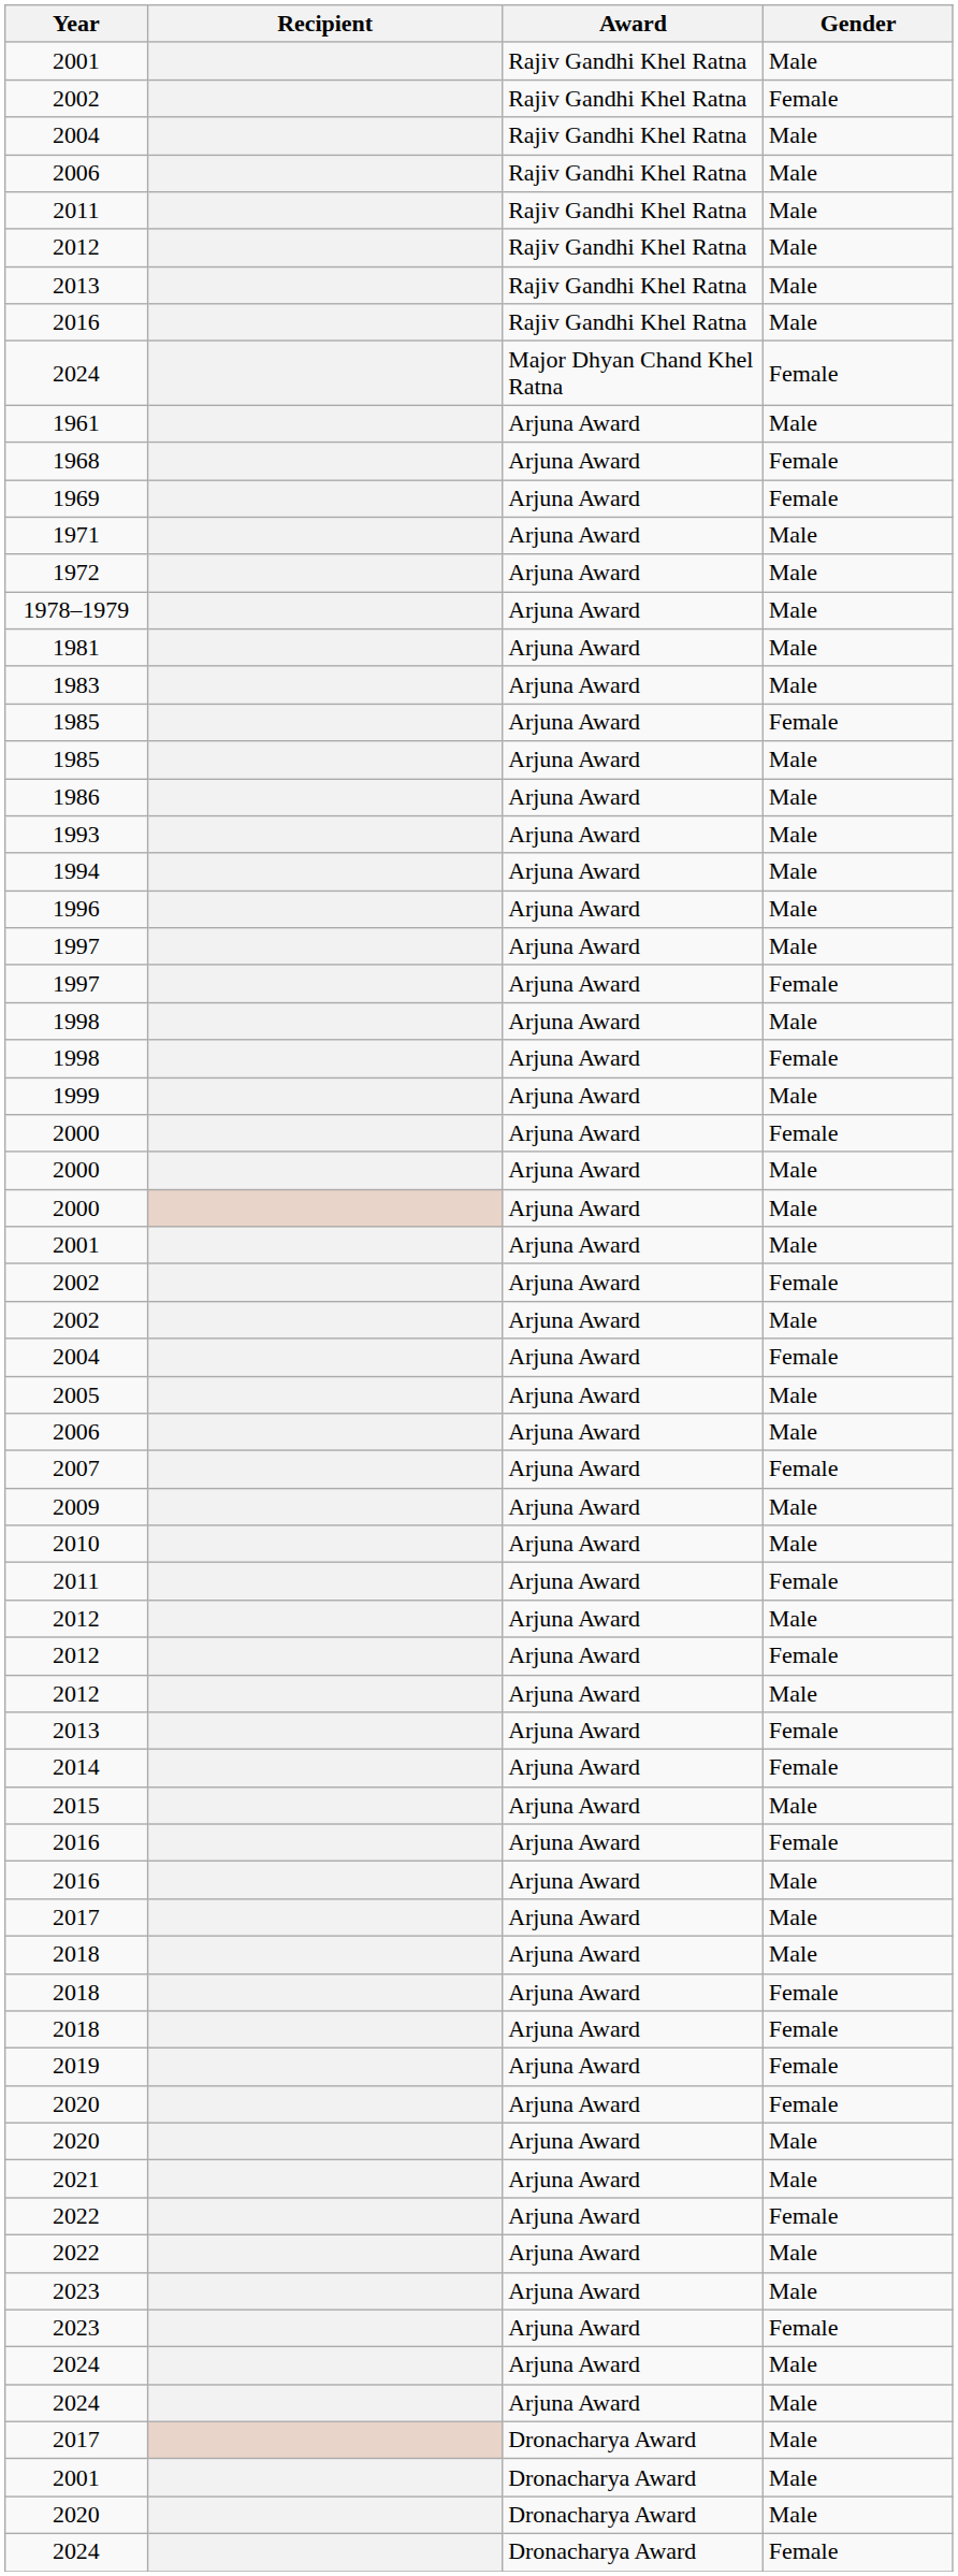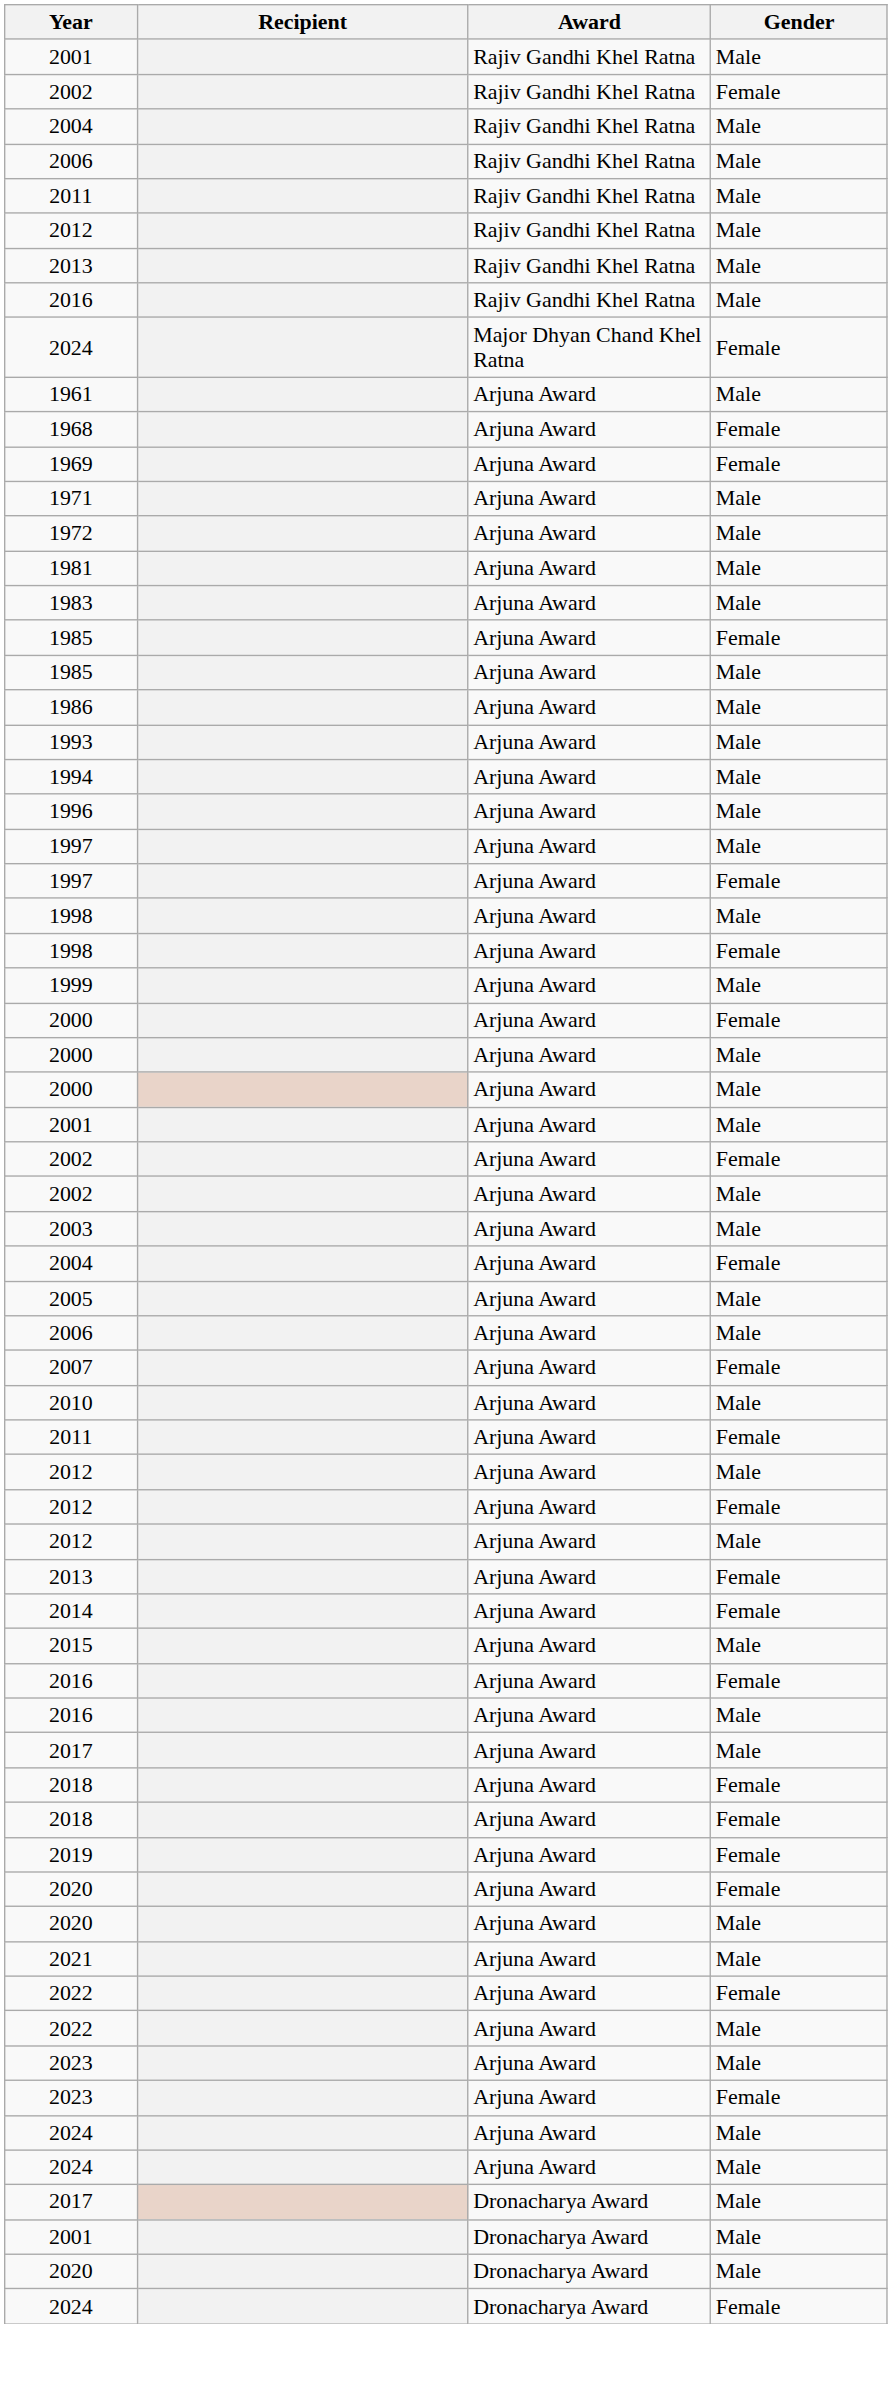 <table class="wikitable plainrowheaders sortable" style="width:73%">
 <tr>
 <th scope="col" style="width:12%">Year</th>
 <th scope="col" style="width:30%">Recipient</th>
 <th scope="col" style="width:22%">Award</th>
 <th scope="col" style="width:16%">Gender</th>
 </tr>
 <tr>
 <td style="text-align:center;">2001</td>
 <th scope="row"></th>
 <td>Rajiv Gandhi Khel Ratna</td>
 <td>Male</td>
 </tr>
 <tr>
 <td style="text-align:center;">2002</td>
 <th scope="row"></th>
 <td>Rajiv Gandhi Khel Ratna</td>
 <td>Female</td>
 </tr>
 <tr>
 <td style="text-align:center;">2004</td>
 <th scope="row"></th>
 <td>Rajiv Gandhi Khel Ratna</td>
 <td>Male</td>
 </tr>
 <tr>
 <td style="text-align:center;">2006</td>
 <th scope="row"></th>
 <td>Rajiv Gandhi Khel Ratna</td>
 <td>Male</td>
 </tr>
 <tr>
 <td style="text-align:center;">2011</td>
 <th scope="row"></th>
 <td>Rajiv Gandhi Khel Ratna</td>
 <td>Male</td>
 </tr>
 <tr>
 <td style="text-align:center;">2012</td>
 <th scope="row"></th>
 <td>Rajiv Gandhi Khel Ratna</td>
 <td>Male</td>
 </tr>
 <tr>
 <td style="text-align:center;">2013</td>
 <th scope="row"></th>
 <td>Rajiv Gandhi Khel Ratna</td>
 <td>Male</td>
 </tr>
 <tr>
 <td style="text-align:center;">2016</td>
 <th scope="row"></th>
 <td>Rajiv Gandhi Khel Ratna</td>
 <td>Male</td>
 </tr>
 <tr>
 <td style="text-align:center;">2024</td>
 <th scope="row"></th>
 <td>Major Dhyan Chand Khel Ratna</td>
 <td>Female</td>
 </tr>
 <tr>
 <td style="text-align:center;">1961</td>
 <th scope="row"></th>
 <td>Arjuna Award</td>
 <td>Male</td>
 </tr>
 <tr>
 <td style="text-align:center;">1968</td>
 <th scope="row"></th>
 <td>Arjuna Award</td>
 <td>Female</td>
 </tr>
 <tr>
 <td style="text-align:center;">1969</td>
 <th scope="row"></th>
 <td>Arjuna Award</td>
 <td>Female</td>
 </tr>
 <tr>
 <td style="text-align:center;">1971</td>
 <th scope="row"></th>
 <td>Arjuna Award</td>
 <td>Male</td>
 </tr>
 <tr>
 <td style="text-align:center;">1972</td>
-<th scope="row"></th>
-<td>Arjuna Award</td>
-<td>Male</td>
-</tr>
-<tr>
-<td style="text-align:center;">1978–1979</td>
 <th scope="row"></th>
 <td>Arjuna Award</td>
 <td>Male</td>
 </tr>
 <tr>
 <td style="text-align:center;">1981</td>
 <th scope="row"></th>
 <td>Arjuna Award</td>
 <td>Male</td>
 </tr>
 <tr>
 <td style="text-align:center;">1983</td>
 <th scope="row"></th>
 <td>Arjuna Award</td>
 <td>Male</td>
 </tr>
 <tr>
 <td style="text-align:center;">1985</td>
 <th scope="row"></th>
 <td>Arjuna Award</td>
 <td>Female</td>
 </tr>
 <tr>
 <td style="text-align:center;">1985</td>
 <th scope="row"></th>
 <td>Arjuna Award</td>
 <td>Male</td>
 </tr>
 <tr>
 <td style="text-align:center;">1986</td>
 <th scope="row"></th>
 <td>Arjuna Award</td>
 <td>Male</td>
 </tr>
 <tr>
 <td style="text-align:center;">1993</td>
 <th scope="row"></th>
 <td>Arjuna Award</td>
 <td>Male</td>
 </tr>
 <tr>
 <td style="text-align:center;">1994</td>
 <th scope="row"></th>
 <td>Arjuna Award</td>
 <td>Male</td>
 </tr>
 <tr>
 <td style="text-align:center;">1996</td>
 <th scope="row"></th>
 <td>Arjuna Award</td>
 <td>Male</td>
 </tr>
 <tr>
 <td style="text-align:center;">1997</td>
 <th scope="row"></th>
 <td>Arjuna Award</td>
 <td>Male</td>
 </tr>
 <tr>
 <td style="text-align:center;">1997</td>
 <th scope="row"></th>
 <td>Arjuna Award</td>
 <td>Female</td>
 </tr>
 <tr>
 <td style="text-align:center;">1998</td>
 <th scope="row"></th>
 <td>Arjuna Award</td>
 <td>Male</td>
 </tr>
 <tr>
 <td style="text-align:center;">1998</td>
 <th scope="row"></th>
 <td>Arjuna Award</td>
 <td>Female</td>
 </tr>
 <tr>
 <td style="text-align:center;">1999</td>
 <th scope="row"></th>
 <td>Arjuna Award</td>
 <td>Male</td>
 </tr>
 <tr>
 <td style="text-align:center;">2000</td>
 <th scope="row"></th>
 <td>Arjuna Award</td>
 <td>Female</td>
 </tr>
 <tr>
 <td style="text-align:center;">2000</td>
 <th scope="row"></th>
 <td>Arjuna Award</td>
 <td>Male</td>
 </tr>
 <tr>
 <td style="text-align:center;">2000</td>
 <th scope="row" style="background-color:#E9D4C9"> </th>
 <td>Arjuna Award</td>
 <td>Male</td>
 </tr>
 <tr>
 <td style="text-align:center;">2001</td>
 <th scope="row"></th>
 <td>Arjuna Award</td>
 <td>Male</td>
 </tr>
 <tr>
 <td style="text-align:center;">2002</td>
 <th scope="row"></th>
 <td>Arjuna Award</td>
 <td>Female</td>
 </tr>
 <tr>
 <td style="text-align:center;">2002</td>
 <th scope="row"></th>
 <td>Arjuna Award</td>
 <td>Male</td>
 </tr>
 <tr>
+<td style="text-align:center;">2003</td>
+<th scope="row"></th>
+<td>Arjuna Award</td>
+<td>Male</td>
+</tr>
+<tr>
 <td style="text-align:center;">2004</td>
 <th scope="row"></th>
 <td>Arjuna Award</td>
 <td>Female</td>
 </tr>
 <tr>
 <td style="text-align:center;">2005</td>
 <th scope="row"></th>
 <td>Arjuna Award</td>
 <td>Male</td>
 </tr>
 <tr>
 <td style="text-align:center;">2006</td>
 <th scope="row"></th>
 <td>Arjuna Award</td>
 <td>Male</td>
 </tr>
 <tr>
 <td style="text-align:center;">2007</td>
 <th scope="row"></th>
 <td>Arjuna Award</td>
 <td>Female</td>
-</tr>
-<tr>
-<td style="text-align:center;">2009</td>
-<th scope="row"></th>
-<td>Arjuna Award</td>
-<td>Male</td>
 </tr>
 <tr>
 <td style="text-align:center;">2010</td>
 <th scope="row"></th>
 <td>Arjuna Award</td>
 <td>Male</td>
 </tr>
 <tr>
 <td style="text-align:center;">2011</td>
 <th scope="row"></th>
 <td>Arjuna Award</td>
 <td>Female</td>
 </tr>
 <tr>
 <td style="text-align:center;">2012</td>
 <th scope="row"></th>
 <td>Arjuna Award</td>
 <td>Male</td>
 </tr>
 <tr>
 <td style="text-align:center;">2012</td>
 <th scope="row"></th>
 <td>Arjuna Award</td>
 <td>Female</td>
 </tr>
 <tr>
 <td style="text-align:center;">2012</td>
 <th scope="row"></th>
 <td>Arjuna Award</td>
 <td>Male</td>
 </tr>
 <tr>
 <td style="text-align:center;">2013</td>
 <th scope="row"></th>
 <td>Arjuna Award</td>
 <td>Female</td>
 </tr>
 <tr>
 <td style="text-align:center;">2014</td>
 <th scope="row"></th>
 <td>Arjuna Award</td>
 <td>Female</td>
 </tr>
 <tr>
 <td style="text-align:center;">2015</td>
 <th scope="row"></th>
 <td>Arjuna Award</td>
 <td>Male</td>
 </tr>
 <tr>
 <td style="text-align:center;">2016</td>
 <th scope="row"></th>
 <td>Arjuna Award</td>
 <td>Female</td>
 </tr>
 <tr>
 <td style="text-align:center;">2016</td>
 <th scope="row"></th>
 <td>Arjuna Award</td>
 <td>Male</td>
 </tr>
 <tr>
 <td style="text-align:center;">2017</td>
-<th scope="row"></th>
-<td>Arjuna Award</td>
-<td>Male</td>
-</tr>
-<tr>
-<td style="text-align:center;">2018</td>
 <th scope="row"></th>
 <td>Arjuna Award</td>
 <td>Male</td>
 </tr>
 <tr>
 <td style="text-align:center;">2018</td>
 <th scope="row"></th>
 <td>Arjuna Award</td>
 <td>Female</td>
 </tr>
 <tr>
 <td style="text-align:center;">2018</td>
 <th scope="row"></th>
 <td>Arjuna Award</td>
 <td>Female</td>
 </tr>
 <tr>
 <td style="text-align:center;">2019</td>
 <th scope="row"></th>
 <td>Arjuna Award</td>
 <td>Female</td>
 </tr>
 <tr>
 <td style="text-align:center;">2020</td>
 <th scope="row"></th>
 <td>Arjuna Award</td>
 <td>Female</td>
 </tr>
 <tr>
 <td style="text-align:center;">2020</td>
 <th scope="row"></th>
 <td>Arjuna Award</td>
 <td>Male</td>
 </tr>
 <tr>
 <td style="text-align:center;">2021</td>
 <th scope="row"></th>
 <td>Arjuna Award</td>
 <td>Male</td>
 </tr>
 <tr>
 <td style="text-align:center;">2022</td>
 <th scope="row"></th>
 <td>Arjuna Award</td>
 <td>Female</td>
 </tr>
 <tr>
 <td style="text-align:center;">2022</td>
 <th scope="row"></th>
 <td>Arjuna Award</td>
 <td>Male</td>
 </tr>
 <tr>
 <td style="text-align:center;">2023</td>
 <th scope="row"></th>
 <td>Arjuna Award</td>
 <td>Male</td>
 </tr>
 <tr>
 <td style="text-align:center;">2023</td>
 <th scope="row"></th>
 <td>Arjuna Award</td>
 <td>Female</td>
 </tr>
 <tr>
 <td style="text-align:center;">2024</td>
 <th scope="row"></th>
 <td>Arjuna Award</td>
 <td>Male</td>
 </tr>
 <tr>
 <td style="text-align:center;">2024</td>
 <th scope="row"></th>
 <td>Arjuna Award</td>
 <td>Male</td>
 </tr>
 <tr>
 <td style="text-align:center;">2017</td>
 <th scope="row" style="background-color:#E9D4C9"> </th>
 <td>Dronacharya Award</td>
 <td>Male</td>
 </tr>
 <tr>
 <td style="text-align:center;">2001</td>
 <th scope="row"></th>
 <td>Dronacharya Award</td>
 <td>Male</td>
 </tr>
 <tr>
 <td style="text-align:center;">2020</td>
 <th scope="row"></th>
 <td>Dronacharya Award</td>
 <td>Male</td>
 </tr>
 <tr>
 <td style="text-align:center;">2024</td>
 <th scope="row"></th>
 <td>Dronacharya Award</td>
 <td>Female</td>
 </tr>
 </table>
